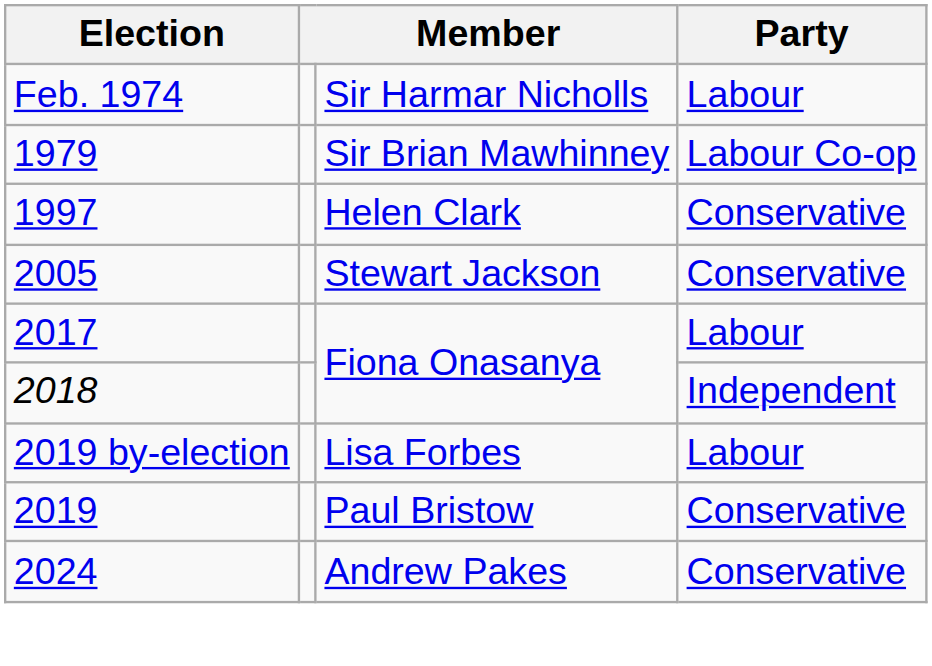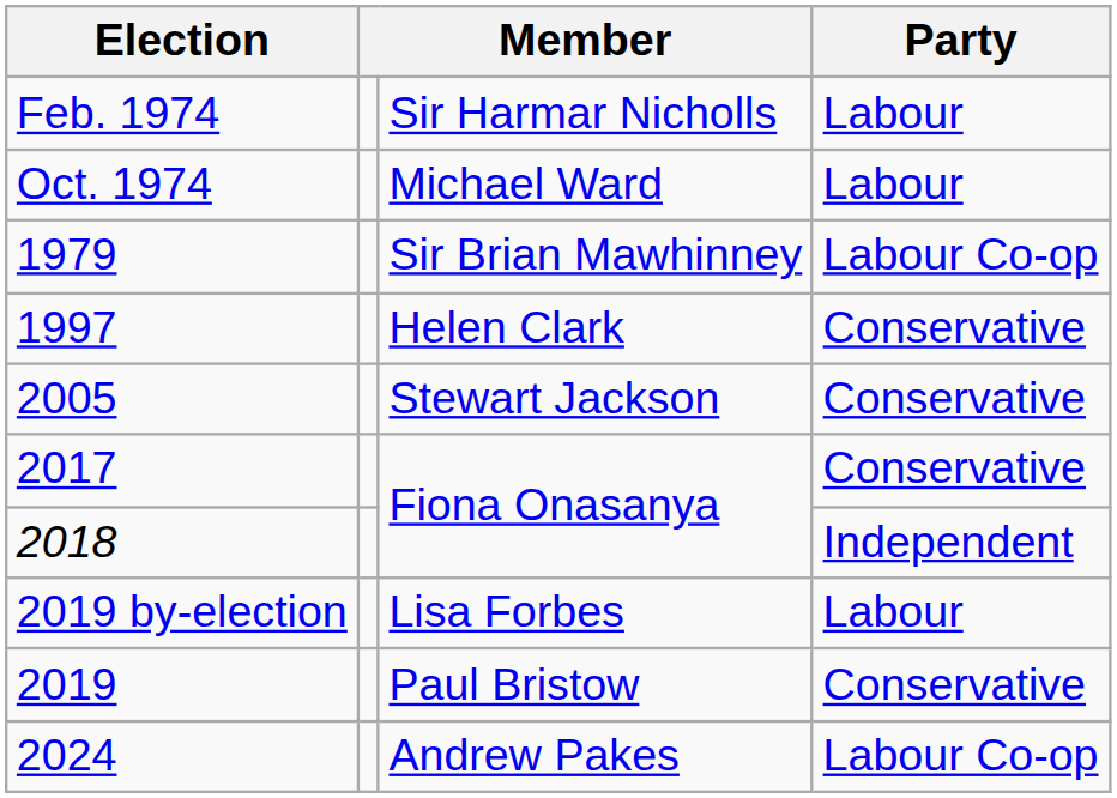 <table class="wikitable">
 <tr>
 <th>Election</th>
 <th colspan="2">Member</th>
 <th>Party</th>
 </tr>
 <tr>
 <td><a href='#'>Feb. 1974</a></td>
 <td style="color:inherit;background-color: "></td>
 <td><a href='#'>Sir Harmar Nicholls</a></td>
+<td><a href='#'>Labour</a></td>
+</tr>
+<tr>
+<td><a href='#'>Oct. 1974</a></td>
+<td style="color:inherit;background-color: "></td>
+<td><a href='#'>Michael Ward</a></td>
 <td><a href='#'>Labour</a></td>
 </tr>
 <tr>
 <td><a href='#'>1979</a></td>
 <td style="color:inherit;background-color: "></td>
 <td><a href='#'>Sir Brian Mawhinney</a></td>
 <td><a href='#'>Labour Co-op</a></td>
 </tr>
 <tr>
 <td><a href='#'>1997</a></td>
 <td style="color:inherit;background-color: "></td>
 <td><a href='#'>Helen Clark</a></td>
 <td><a href='#'>Conservative</a></td>
 </tr>
 <tr>
 <td><a href='#'>2005</a></td>
 <td style="color:inherit;background-color: "></td>
 <td><a href='#'>Stewart Jackson</a></td>
 <td><a href='#'>Conservative</a></td>
 </tr>
 <tr>
 <td><a href='#'>2017</a></td>
 <td style="color:inherit;background-color: "></td>
 <td rowspan="2"><a href='#'>Fiona Onasanya</a></td>
-<td><a href='#'>Labour</a></td>
+<td><a href='#'>Conservative</a></td>
 </tr>
 <tr>
 <td><em>2018</em></td>
 <td style="color:inherit;background-color: "></td>
 <td><a href='#'>Independent</a></td>
 </tr>
 <tr>
 <td><a href='#'>2019 by-election</a></td>
 <td style="color:inherit;background-color: "></td>
 <td><a href='#'>Lisa Forbes</a></td>
 <td><a href='#'>Labour</a></td>
 </tr>
 <tr>
 <td><a href='#'>2019</a></td>
 <td style="color:inherit;background-color: "></td>
 <td><a href='#'>Paul Bristow</a></td>
 <td><a href='#'>Conservative</a></td>
 </tr>
 <tr>
 <td><a href='#'>2024</a></td>
 <td style="color:inherit;background-color: "></td>
 <td><a href='#'>Andrew Pakes</a></td>
-<td><a href='#'>Conservative</a></td>
+<td><a href='#'>Labour Co-op</a></td>
 </tr>
 </table>
